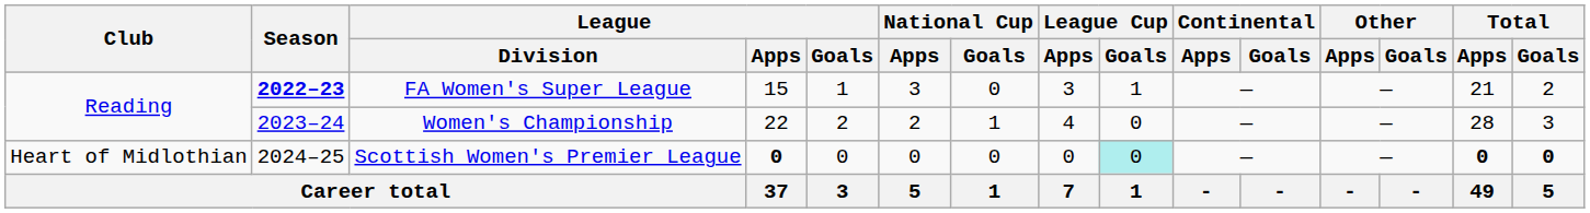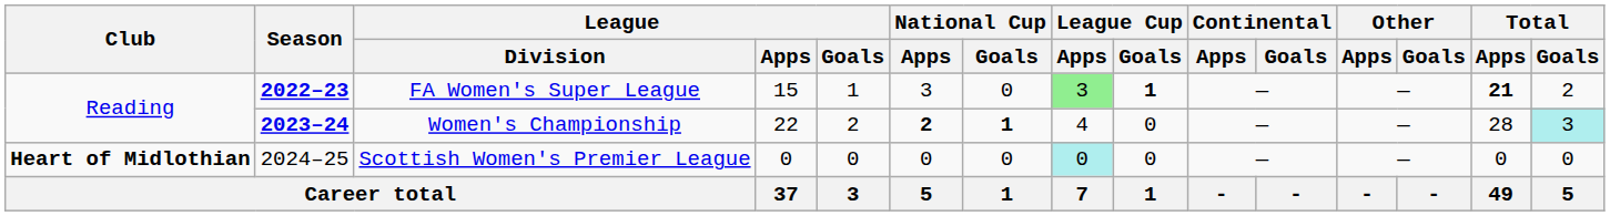 <table class="wikitable" style="text-align:center">
 <tr>
 <th rowspan="2">Club</th>
 <th rowspan="2">Season</th>
 <th colspan="3">League</th>
 <th colspan="2">National Cup</th>
 <th colspan="2">League Cup</th>
 <th colspan="2">Continental</th>
 <th colspan="2">Other</th>
 <th colspan="2">Total</th>
 </tr>
 <tr>
 <th>Division</th>
 <th>Apps</th>
 <th>Goals</th>
 <th>Apps</th>
 <th>Goals</th>
 <th>Apps</th>
 <th>Goals</th>
 <th>Apps</th>
 <th>Goals</th>
 <th>Apps</th>
 <th>Goals</th>
 <th>Apps</th>
 <th>Goals</th>
 </tr>
 <tr>
 <td rowspan="2"><a href='#'>Reading</a></td>
 <td><strong><a href='#'>2022–23</a></strong></td>
 <td><a href='#'>FA Women's Super League</a></td>
 <td>15</td>
 <td>1</td>
 <td>3</td>
 <td>0</td>
-<td>3</td>
-<td>1</td>
+<td style="background: lightgreen;">3</td>
+<td><strong>1</strong></td>
 <td colspan="2">—</td>
 <td colspan="2">—</td>
-<td>21</td>
+<td><strong>21</strong></td>
 <td>2</td>
 </tr>
 <tr>
-<td><a href='#'>2023–24</a></td>
+<td><strong><a href='#'>2023–24</a></strong></td>
 <td><a href='#'>Women's Championship</a></td>
 <td>22</td>
 <td>2</td>
-<td>2</td>
-<td>1</td>
+<td><strong>2</strong></td>
+<td><strong>1</strong></td>
 <td>4</td>
 <td>0</td>
 <td colspan="2">—</td>
 <td colspan="2">—</td>
 <td>28</td>
-<td>3</td>
+<td style="background: paleturquoise;">3</td>
 </tr>
 <tr>
-<td>Heart of Midlothian</td>
+<td><strong>Heart of Midlothian</strong></td>
 <td>2024–25</td>
 <td><a href='#'>Scottish Women's Premier League</a></td>
-<td><strong>0</strong></td>
 <td>0</td>
 <td>0</td>
 <td>0</td>
 <td>0</td>
 <td style="background: paleturquoise;">0</td>
+<td>0</td>
 <td colspan="2">—</td>
 <td colspan="2">—</td>
-<td><strong>0</strong></td>
-<td><strong>0</strong></td>
+<td>0</td>
+<td>0</td>
 </tr>
 <tr>
 <th colspan="3">Career total</th>
 <th>37</th>
 <th>3</th>
 <th>5</th>
 <th>1</th>
 <th>7</th>
 <th>1</th>
 <th>-</th>
 <th>-</th>
 <th>-</th>
 <th>-</th>
 <th>49</th>
 <th>5</th>
 </tr>
 </table>
